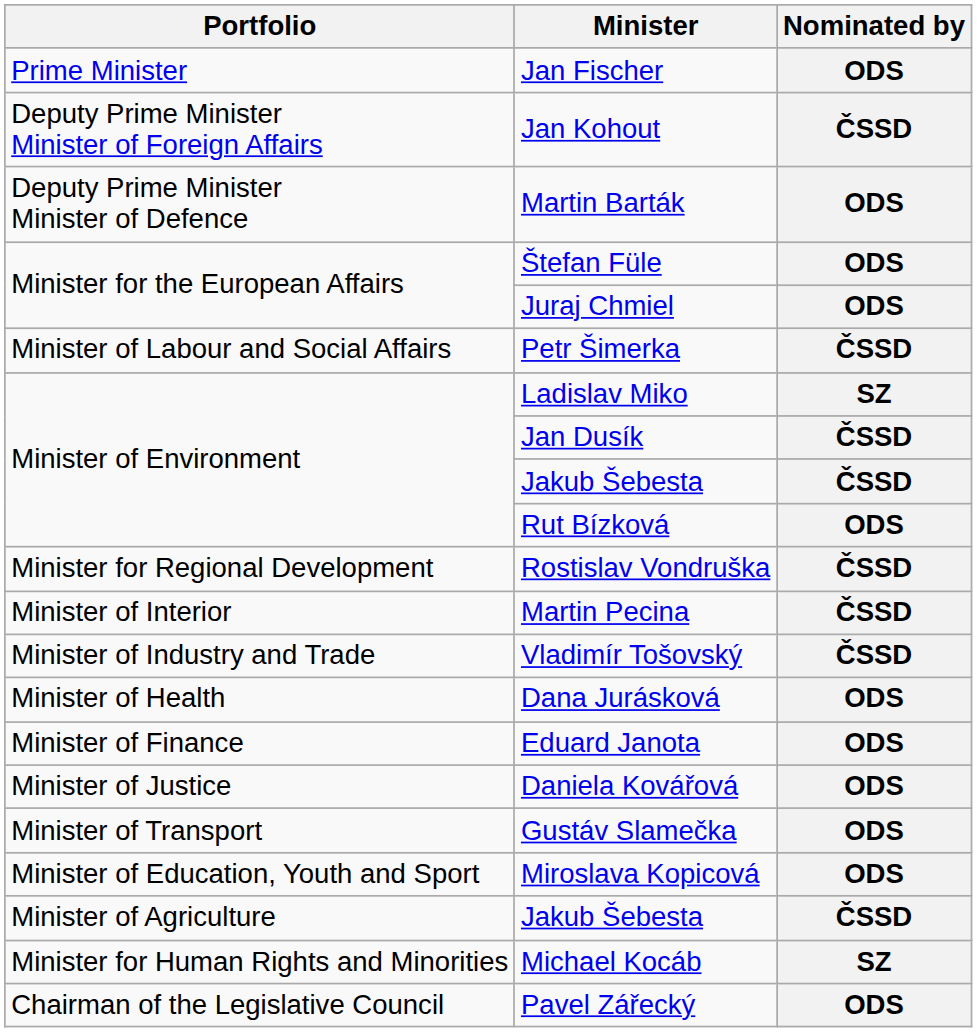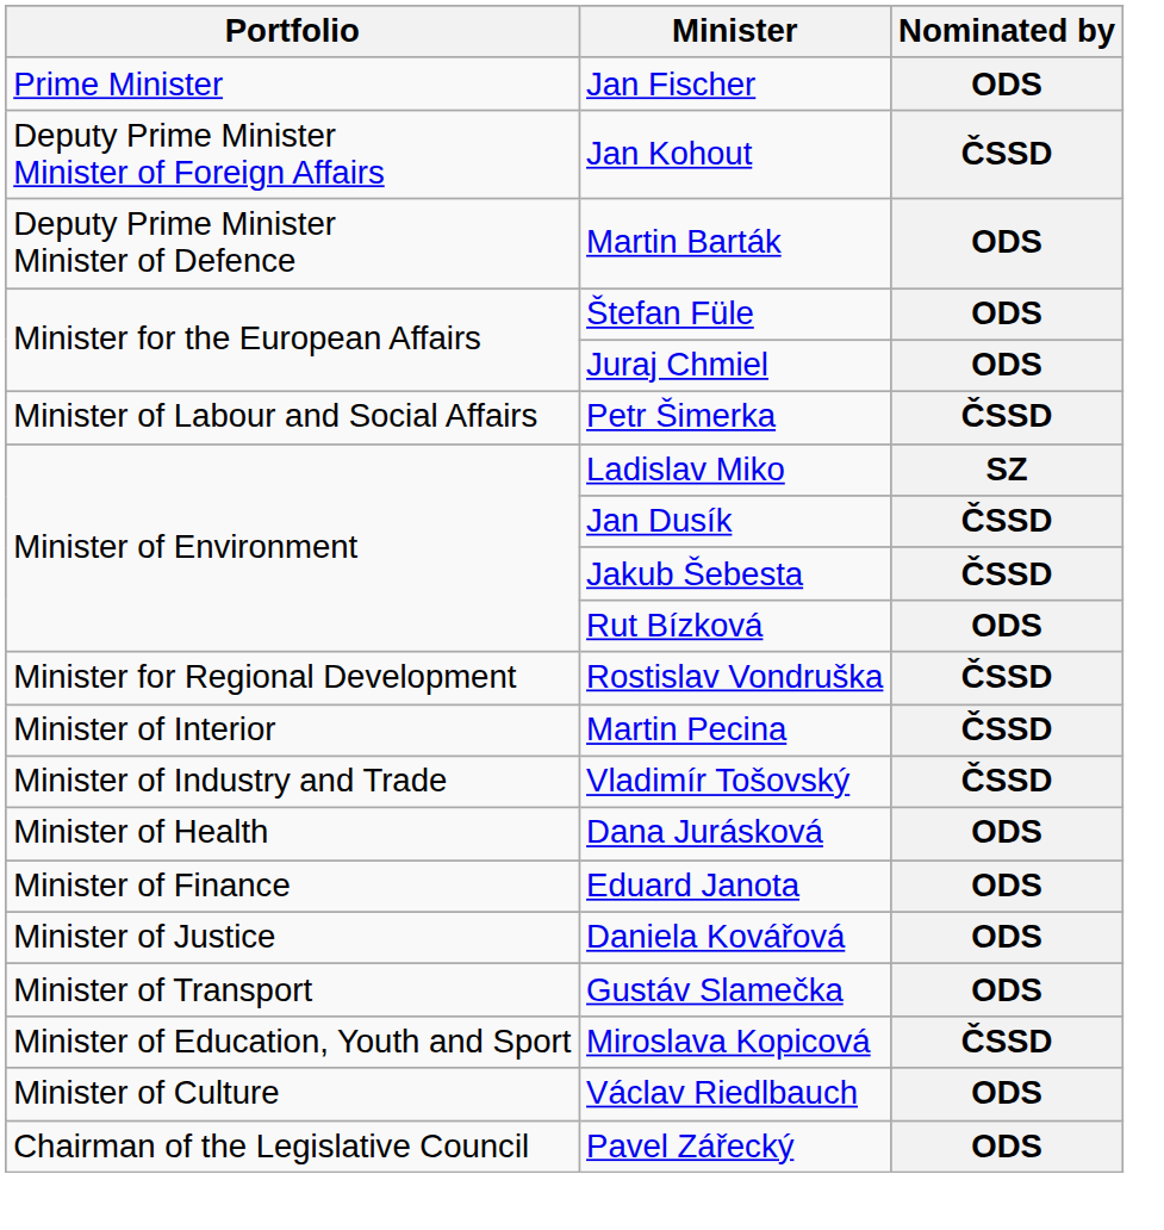 <table class="wikitable">
 <tr>
 <th>Portfolio</th>
 <th>Minister</th>
 <th>Nominated by</th>
 </tr>
 <tr>
 <td><a href='#'>Prime Minister</a></td>
 <td><a href='#'>Jan Fischer</a></td>
 <th style="background-color:">ODS</th>
 </tr>
 <tr>
 <td>Deputy Prime Minister <br> <a href='#'>Minister of Foreign Affairs</a></td>
 <td><a href='#'>Jan Kohout</a></td>
 <th style="background-color:">ČSSD</th>
 </tr>
 <tr>
 <td>Deputy Prime Minister <br> Minister of Defence</td>
 <td><a href='#'>Martin Barták</a></td>
 <th style="background-color:">ODS</th>
 </tr>
 <tr>
 <td rowspan=2>Minister for the European Affairs</td>
 <td><a href='#'>Štefan Füle</a></td>
 <th style="background-color:">ODS</th>
 </tr>
 <tr>
 <td><a href='#'>Juraj Chmiel</a></td>
 <th style="background-color:">ODS</th>
 </tr>
 <tr>
 <td>Minister of Labour and Social Affairs</td>
 <td><a href='#'>Petr Šimerka</a></td>
 <th style="background-color:">ČSSD</th>
 </tr>
 <tr>
 <td rowspan=4>Minister of Environment</td>
 <td><a href='#'>Ladislav Miko</a></td>
 <th style="background-color:">SZ</th>
 </tr>
 <tr>
 <td><a href='#'>Jan Dusík</a></td>
 <th style="background-color:">ČSSD</th>
 </tr>
 <tr>
 <td><a href='#'>Jakub Šebesta</a></td>
 <th style="background-color:">ČSSD</th>
 </tr>
 <tr>
 <td><a href='#'>Rut Bízková</a></td>
 <th style="background-color:">ODS</th>
 </tr>
 <tr>
 <td>Minister for Regional Development</td>
 <td><a href='#'>Rostislav Vondruška</a></td>
 <th style="background-color:">ČSSD</th>
 </tr>
 <tr>
 <td>Minister of Interior</td>
 <td><a href='#'>Martin Pecina</a></td>
 <th style="background-color:">ČSSD</th>
 </tr>
 <tr>
 <td>Minister of Industry and Trade</td>
 <td><a href='#'>Vladimír Tošovský</a></td>
 <th style="background-color:">ČSSD</th>
 </tr>
 <tr>
 <td>Minister of Health</td>
 <td><a href='#'>Dana Jurásková</a></td>
 <th style="background-color:">ODS</th>
 </tr>
 <tr>
 <td>Minister of Finance</td>
 <td><a href='#'>Eduard Janota</a></td>
 <th style="background-color:">ODS</th>
 </tr>
 <tr>
 <td>Minister of Justice</td>
 <td><a href='#'>Daniela Kovářová</a></td>
 <th style="background-color:">ODS</th>
 </tr>
 <tr>
 <td>Minister of Transport</td>
 <td><a href='#'>Gustáv Slamečka</a></td>
 <th style="background-color:">ODS</th>
 </tr>
 <tr>
 <td>Minister of Education, Youth and Sport</td>
 <td><a href='#'>Miroslava Kopicová</a></td>
-<th style="background-color:">ODS</th>
-</tr>
-<tr>
-<td>Minister of Agriculture</td>
-<td><a href='#'>Jakub Šebesta</a></td>
 <th style="background-color:">ČSSD</th>
 </tr>
 <tr>
-<td>Minister for Human Rights and Minorities</td>
-<td><a href='#'>Michael Kocáb</a></td>
-<th style="background-color:">SZ</th>
+<td>Minister of Culture</td>
+<td><a href='#'>Václav Riedlbauch</a></td>
+<th style="background-color:">ODS</th>
 </tr>
 <tr>
 <td>Chairman of the Legislative Council</td>
 <td><a href='#'>Pavel Zářecký</a></td>
 <th style="background-color:">ODS</th>
 </tr>
 </table>
